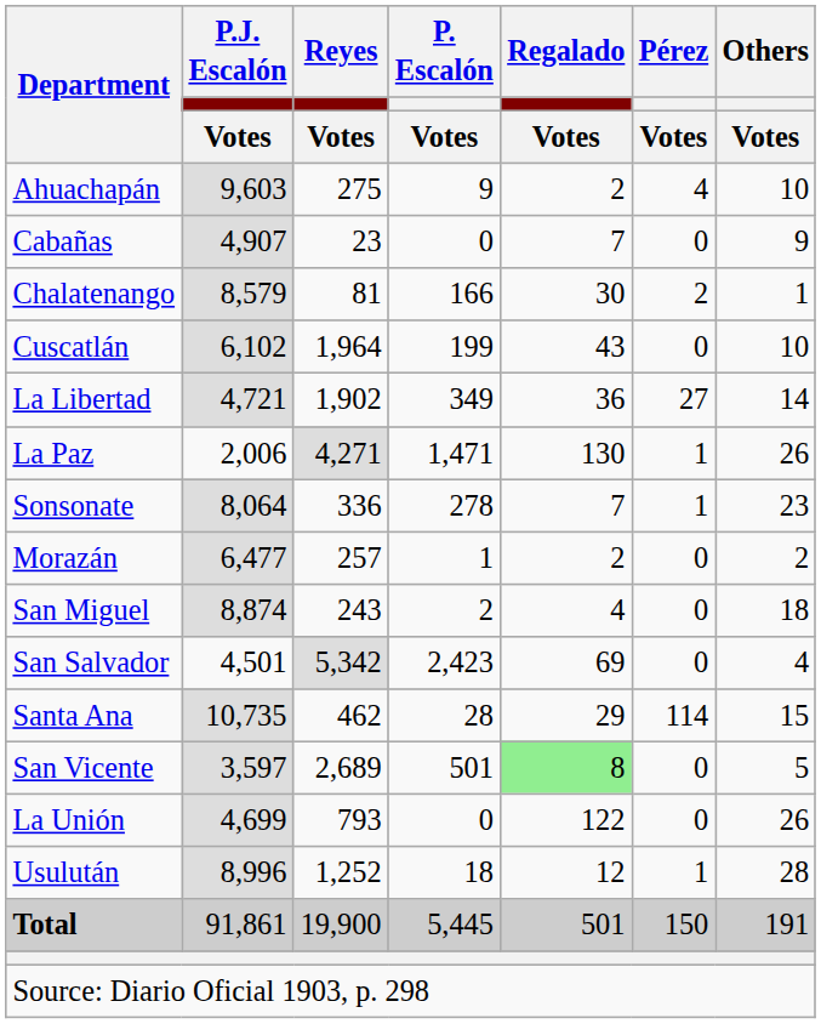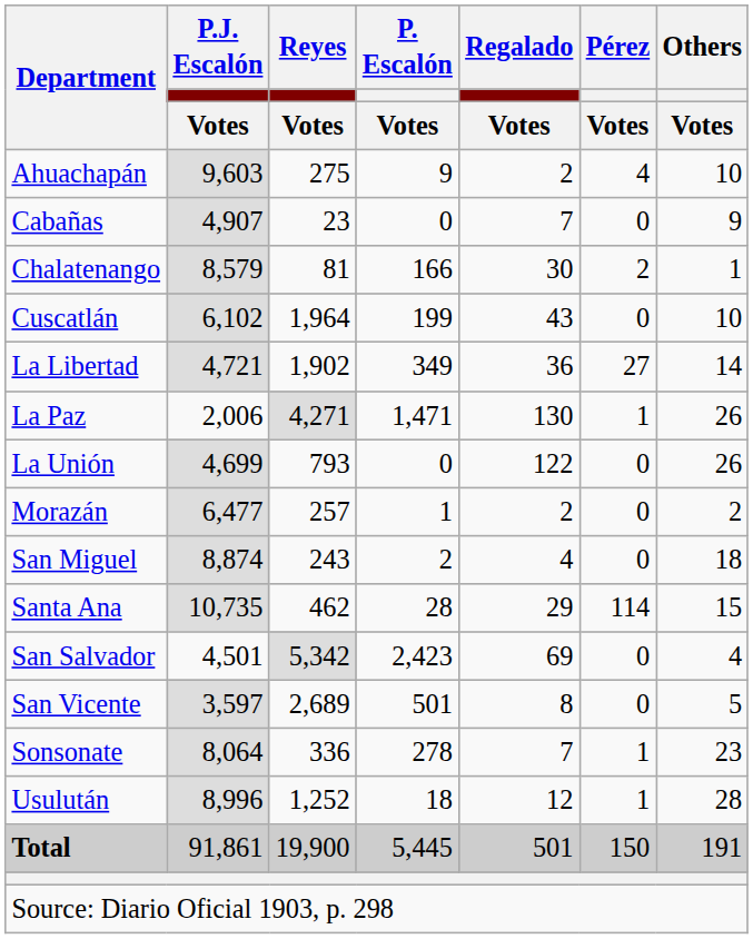 <table class="wikitable sortable" style="text-align:right; font-size:95%; line-height:20px;">
 <tr>
 <th rowspan="3"><a href='#'>Department</a></th>
 <th width="30px" class="unsortable"><a href='#'>P.J. Escalón</a></th>
 <th width="30px" class="unsortable"><a href='#'>Reyes</a></th>
 <th width="30px" class="unsortable"><a href='#'>P. Escalón</a></th>
 <th width="30px" class="unsortable"><a href='#'>Regalado</a></th>
 <th width="30px" class="unsortable"><a href='#'>Pérez</a></th>
 <th width="30px" class="unsortable">Others</th>
 </tr>
 <tr>
 <th style="background:#800000"></th>
 <th style="background:#800000"></th>
 <th style="background:"></th>
 <th style="background:#800000"></th>
 <th style="background:"></th>
 <th style="background:"></th>
 </tr>
 <tr>
 <th data-sort-type="number">Votes</th>
 <th data-sort-type="number">Votes</th>
 <th data-sort-type="number">Votes</th>
 <th data-sort-type="number">Votes</th>
 <th data-sort-type="number">Votes</th>
 <th data-sort-type="number">Votes</th>
 </tr>
 <tr>
 <td align="left"><a href='#'>Ahuachapán</a></td>
 <td style="background:#DDD">9,603</td>
 <td>275</td>
 <td>9</td>
 <td>2</td>
 <td>4</td>
 <td>10</td>
 </tr>
 <tr>
 <td align="left"><a href='#'>Cabañas</a></td>
 <td style="background:#DDD">4,907</td>
 <td>23</td>
 <td>0</td>
 <td>7</td>
 <td>0</td>
 <td>9</td>
 </tr>
 <tr>
 <td align="left"><a href='#'>Chalatenango</a></td>
 <td style="background:#DDD">8,579</td>
 <td>81</td>
 <td>166</td>
 <td>30</td>
 <td>2</td>
 <td>1</td>
 </tr>
 <tr>
 <td align="left"><a href='#'>Cuscatlán</a></td>
 <td style="background:#DDD">6,102</td>
 <td>1,964</td>
 <td>199</td>
 <td>43</td>
 <td>0</td>
 <td>10</td>
 </tr>
 <tr>
 <td align="left"><a href='#'>La Libertad</a></td>
 <td style="background:#DDD">4,721</td>
 <td>1,902</td>
 <td>349</td>
 <td>36</td>
 <td>27</td>
 <td>14</td>
 </tr>
 <tr>
 <td align="left"><a href='#'>La Paz</a></td>
 <td>2,006</td>
 <td style="background:#DDD">4,271</td>
 <td>1,471</td>
 <td>130</td>
 <td>1</td>
 <td>26</td>
 </tr>
 <tr>
-<td align="left"><a href='#'>Sonsonate</a></td>
-<td style="background:#DDD">8,064</td>
-<td>336</td>
-<td>278</td>
-<td>7</td>
-<td>1</td>
-<td>23</td>
+<td align="left"><a href='#'>La Unión</a></td>
+<td style="background:#DDD">4,699</td>
+<td>793</td>
+<td>0</td>
+<td>122</td>
+<td>0</td>
+<td>26</td>
 </tr>
 <tr>
 <td align="left"><a href='#'>Morazán</a></td>
 <td style="background:#DDD">6,477</td>
 <td>257</td>
 <td>1</td>
 <td>2</td>
 <td>0</td>
 <td>2</td>
 </tr>
 <tr>
 <td align="left"><a href='#'>San Miguel</a></td>
 <td style="background:#DDD">8,874</td>
 <td>243</td>
 <td>2</td>
 <td>4</td>
 <td>0</td>
 <td>18</td>
 </tr>
 <tr>
+<td align="left"><a href='#'>Santa Ana</a></td>
+<td style="background:#DDD">10,735</td>
+<td>462</td>
+<td>28</td>
+<td>29</td>
+<td>114</td>
+<td>15</td>
+</tr>
+<tr>
 <td align="left"><a href='#'>San Salvador</a></td>
 <td>4,501</td>
 <td style="background:#DDD">5,342</td>
 <td>2,423</td>
 <td>69</td>
 <td>0</td>
 <td>4</td>
 </tr>
 <tr>
-<td align="left"><a href='#'>Santa Ana</a></td>
-<td style="background:#DDD">10,735</td>
-<td>462</td>
-<td>28</td>
-<td>29</td>
-<td>114</td>
-<td>15</td>
-</tr>
-<tr>
 <td align="left"><a href='#'>San Vicente</a></td>
 <td style="background:#DDD">3,597</td>
 <td>2,689</td>
 <td>501</td>
-<td style="background: lightgreen;">8</td>
+<td>8</td>
 <td>0</td>
 <td>5</td>
 </tr>
 <tr>
-<td align="left"><a href='#'>La Unión</a></td>
-<td style="background:#DDD">4,699</td>
-<td>793</td>
-<td>0</td>
-<td>122</td>
-<td>0</td>
-<td>26</td>
+<td align="left"><a href='#'>Sonsonate</a></td>
+<td style="background:#DDD">8,064</td>
+<td>336</td>
+<td>278</td>
+<td>7</td>
+<td>1</td>
+<td>23</td>
 </tr>
 <tr>
 <td align="left"><a href='#'>Usulután</a></td>
 <td style="background:#DDD">8,996</td>
 <td>1,252</td>
 <td>18</td>
 <td>12</td>
 <td>1</td>
 <td>28</td>
 </tr>
 <tr style="background:#CDCDCD;">
 <td align="left"><strong>Total</strong></td>
 <td>91,861</td>
 <td>19,900</td>
 <td>5,445</td>
 <td>501</td>
 <td>150</td>
 <td>191</td>
 </tr>
 <tr>
 <th colspan="7"></th>
 </tr>
 <tr>
 <th style="text-align:left; font-weight:normal; background:#F9F9F9" colspan="7">Source: Diario Oficial 1903, p. 298</th>
 </tr>
 </table>
